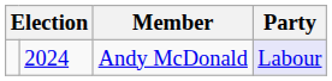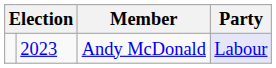 <table class="wikitable">
 <tr>
 <th colspan="2">Election</th>
 <th>Member</th>
 <th>Party</th>
 </tr>
 <tr>
 <td style="color:inherit;background-color: "></td>
-<td><a href='#'>2024</a></td>
+<td><a href='#'>2023</a></td>
 <td><a href='#'>Andy McDonald</a></td>
 <td style="background: lavender;"><a href='#'>Labour</a></td>
 </tr>
 </table>
